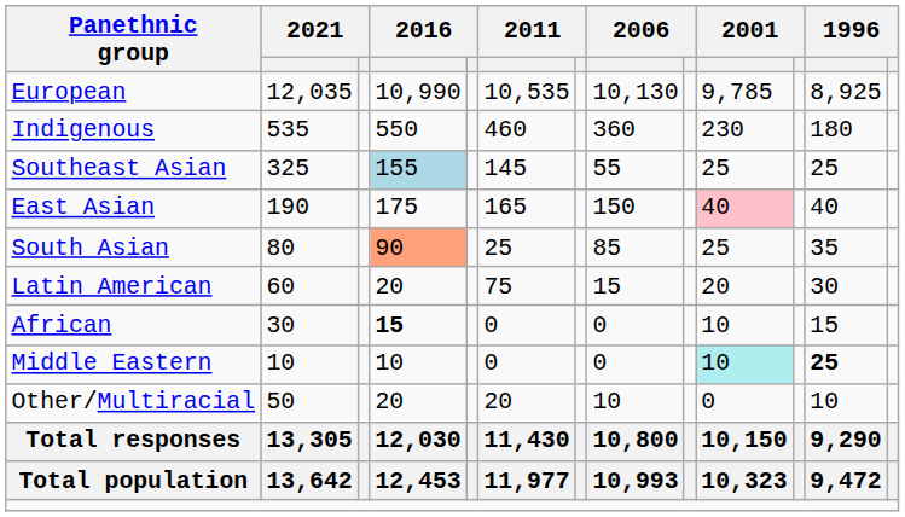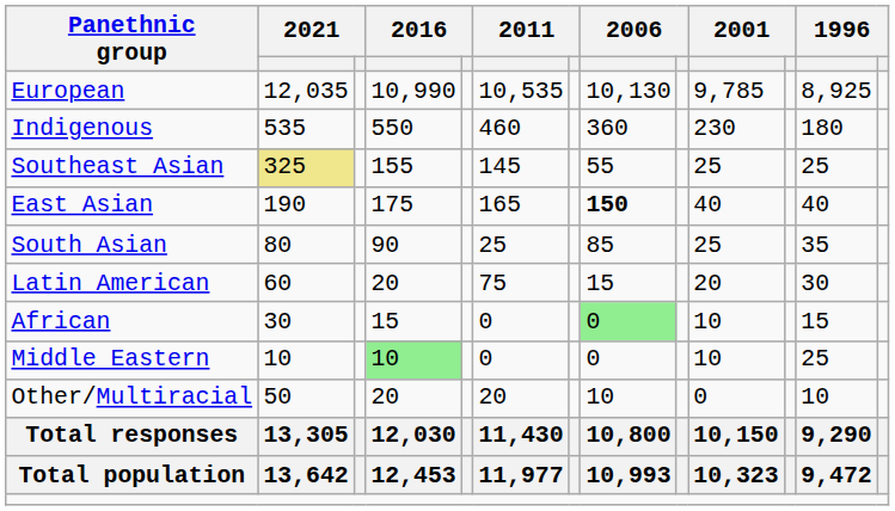 <table class="wikitable collapsible sortable">
 <tr>
 <th rowspan="2"><a href='#'>Panethnic</a><br>group</th>
 <th colspan="2">2021</th>
 <th colspan="2">2016</th>
 <th colspan="2">2011</th>
 <th colspan="2">2006</th>
 <th colspan="2">2001</th>
 <th colspan="2">1996</th>
 </tr>
 <tr>
 <th><a href='#'></a></th>
 <th></th>
 <th></th>
 <th></th>
 <th></th>
 <th></th>
 <th></th>
 <th></th>
 <th></th>
 <th></th>
 <th></th>
 <th></th>
 </tr>
 <tr>
 <td><a href='#'>European</a></td>
 <td>12,035</td>
 <td></td>
 <td>10,990</td>
 <td></td>
 <td>10,535</td>
 <td></td>
 <td>10,130</td>
 <td></td>
 <td>9,785</td>
 <td></td>
 <td>8,925</td>
 <td></td>
 </tr>
 <tr>
 <td><a href='#'>Indigenous</a></td>
 <td>535</td>
 <td></td>
 <td>550</td>
 <td></td>
 <td>460</td>
 <td></td>
 <td>360</td>
 <td></td>
 <td>230</td>
 <td></td>
 <td>180</td>
 <td></td>
 </tr>
 <tr>
 <td><a href='#'>Southeast Asian</a></td>
-<td>325</td>
+<td style="background: khaki;">325</td>
 <td></td>
-<td style="background: lightblue;">155</td>
+<td>155</td>
 <td></td>
 <td>145</td>
 <td></td>
 <td>55</td>
 <td></td>
 <td>25</td>
 <td></td>
 <td>25</td>
 <td></td>
 </tr>
 <tr>
 <td><a href='#'>East Asian</a></td>
 <td>190</td>
 <td></td>
 <td>175</td>
 <td></td>
 <td>165</td>
 <td></td>
-<td>150</td>
+<td><strong>150</strong></td>
 <td></td>
-<td style="background: pink;">40</td>
+<td>40</td>
 <td></td>
 <td>40</td>
 <td></td>
 </tr>
 <tr>
 <td><a href='#'>South Asian</a></td>
 <td>80</td>
 <td></td>
-<td style="background: lightsalmon;">90</td>
+<td>90</td>
 <td></td>
 <td>25</td>
 <td></td>
 <td>85</td>
 <td></td>
 <td>25</td>
 <td></td>
 <td>35</td>
 <td></td>
 </tr>
 <tr>
 <td><a href='#'>Latin American</a></td>
 <td>60</td>
 <td></td>
 <td>20</td>
 <td></td>
 <td>75</td>
 <td></td>
 <td>15</td>
 <td></td>
 <td>20</td>
 <td></td>
 <td>30</td>
 <td></td>
 </tr>
 <tr>
 <td><a href='#'>African</a></td>
 <td>30</td>
 <td></td>
-<td><strong>15</strong></td>
+<td>15</td>
 <td></td>
 <td>0</td>
 <td></td>
-<td>0</td>
+<td style="background: lightgreen;">0</td>
 <td></td>
 <td>10</td>
 <td></td>
 <td>15</td>
 <td></td>
 </tr>
 <tr>
 <td><a href='#'>Middle Eastern</a></td>
 <td>10</td>
 <td></td>
-<td>10</td>
+<td style="background: lightgreen;">10</td>
 <td></td>
 <td>0</td>
 <td></td>
 <td>0</td>
 <td></td>
-<td style="background: paleturquoise;">10</td>
+<td>10</td>
 <td></td>
-<td><strong>25</strong></td>
+<td>25</td>
 <td></td>
 </tr>
 <tr>
 <td>Other/<a href='#'>Multiracial</a></td>
 <td>50</td>
 <td></td>
 <td>20</td>
 <td></td>
 <td>20</td>
 <td></td>
 <td>10</td>
 <td></td>
 <td>0</td>
 <td></td>
 <td>10</td>
 <td></td>
 </tr>
 <tr>
 <th>Total responses</th>
 <th>13,305</th>
 <th></th>
 <th>12,030</th>
 <th></th>
 <th>11,430</th>
 <th></th>
 <th>10,800</th>
 <th></th>
 <th>10,150</th>
 <th></th>
 <th>9,290</th>
 <th></th>
 </tr>
 <tr>
 <th>Total population</th>
 <th>13,642</th>
 <th></th>
 <th>12,453</th>
 <th></th>
 <th>11,977</th>
 <th></th>
 <th>10,993</th>
 <th></th>
 <th>10,323</th>
 <th></th>
 <th>9,472</th>
 <th></th>
 </tr>
 <tr class="sortbottom">
 <td colspan="15"></td>
 </tr>
 </table>
